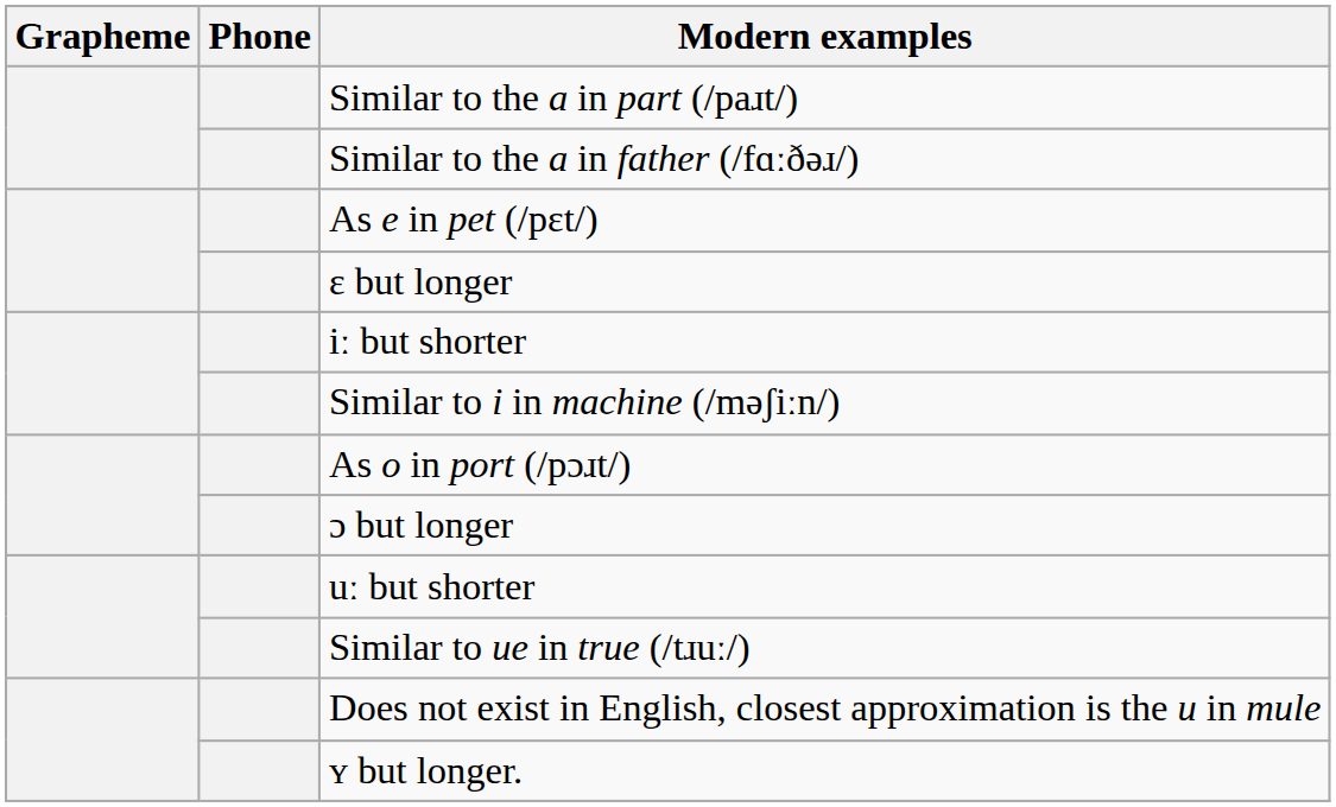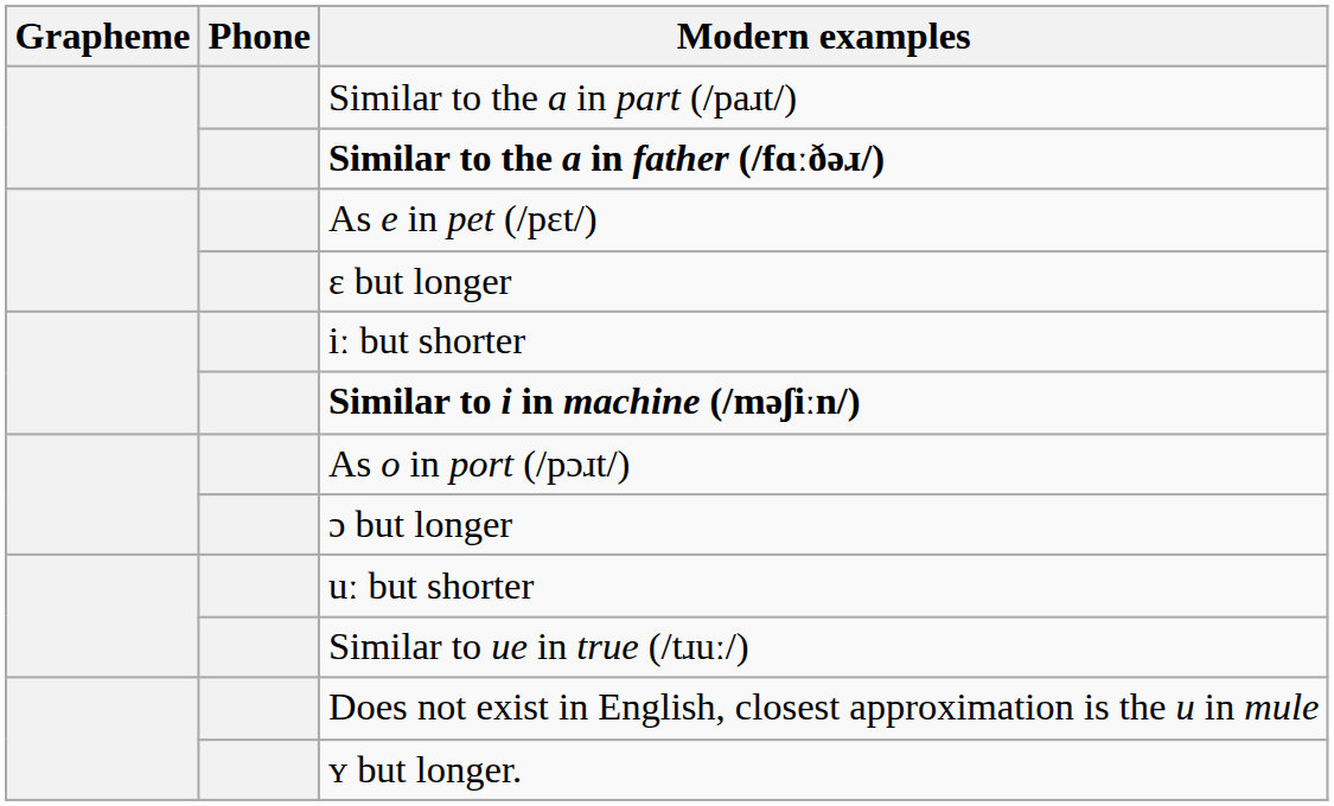 <table class="wikitable plainrowheaders">
 <tr>
 <th scope="col">Grapheme</th>
 <th scope="col">Phone</th>
 <th scope="col">Modern examples</th>
 </tr>
 <tr>
 <th rowspan="2" scope="rowgroup" style="text-align:center"></th>
 <th scope="row" style="text-align:center"></th>
 <td>Similar to the <em>a</em> in <em>part</em> (/paɹt/)</td>
 </tr>
 <tr>
 <th scope="row" style="text-align:center"></th>
-<td>Similar to the <em>a</em> in <em>father</em> (/fɑːðəɹ/)</td>
+<td><strong>Similar to the <em>a</em> in <em>father</em> (/fɑːðəɹ/)</strong></td>
 </tr>
 <tr>
 <th rowspan="2" scope="rowgroup" style="text-align:center"></th>
 <th scope="row" style="text-align:center"></th>
 <td>As <em>e</em> in <em>pet</em> (/pɛt/)</td>
 </tr>
 <tr>
 <th scope="row" style="text-align:center"></th>
 <td>ɛ but longer</td>
 </tr>
 <tr>
 <th rowspan="2" scope="rowgroup" style="text-align:center"></th>
 <th scope="row" style="text-align:center"></th>
 <td>iː but shorter</td>
 </tr>
 <tr>
 <th scope="row" style="text-align:center"></th>
-<td>Similar to <em>i</em> in <em>machine</em> (/məʃiːn/)</td>
+<td><strong>Similar to <em>i</em> in <em>machine</em> (/məʃiːn/)</strong></td>
 </tr>
 <tr>
 <th rowspan="2" scope="rowgroup" style="text-align:center"></th>
 <th scope="row" style="text-align:center"></th>
 <td>As <em>o</em> in <em>port</em> (/pɔɹt/)</td>
 </tr>
 <tr>
 <th scope="row" style="text-align:center"></th>
 <td>ɔ but longer</td>
 </tr>
 <tr>
 <th rowspan="2" scope="rowgroup" style="text-align:center"></th>
 <th scope="row" style="text-align:center"></th>
 <td>uː but shorter</td>
 </tr>
 <tr>
 <th scope="row" style="text-align:center"></th>
 <td>Similar to <em>ue</em> in <em>true</em> (/tɹuː/)</td>
 </tr>
 <tr>
 <th rowspan="2" scope="rowgroup" style="text-align:center"></th>
 <th scope="row" style="text-align:center"></th>
 <td>Does not exist in English, closest approximation is the <em>u</em> in <em>mule</em></td>
 </tr>
 <tr>
 <th scope="row" style="text-align:center"></th>
 <td>ʏ but longer.</td>
 </tr>
 </table>
